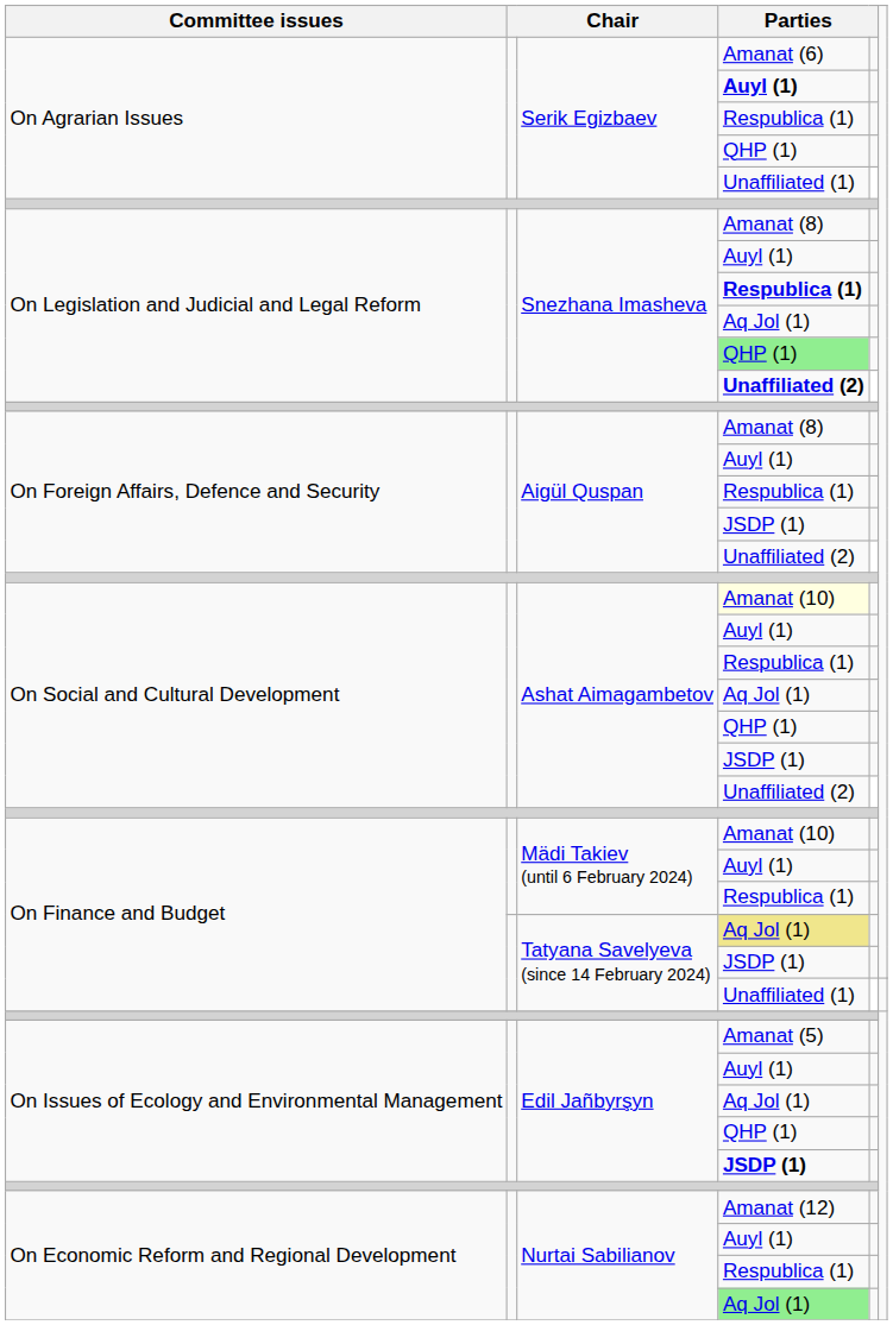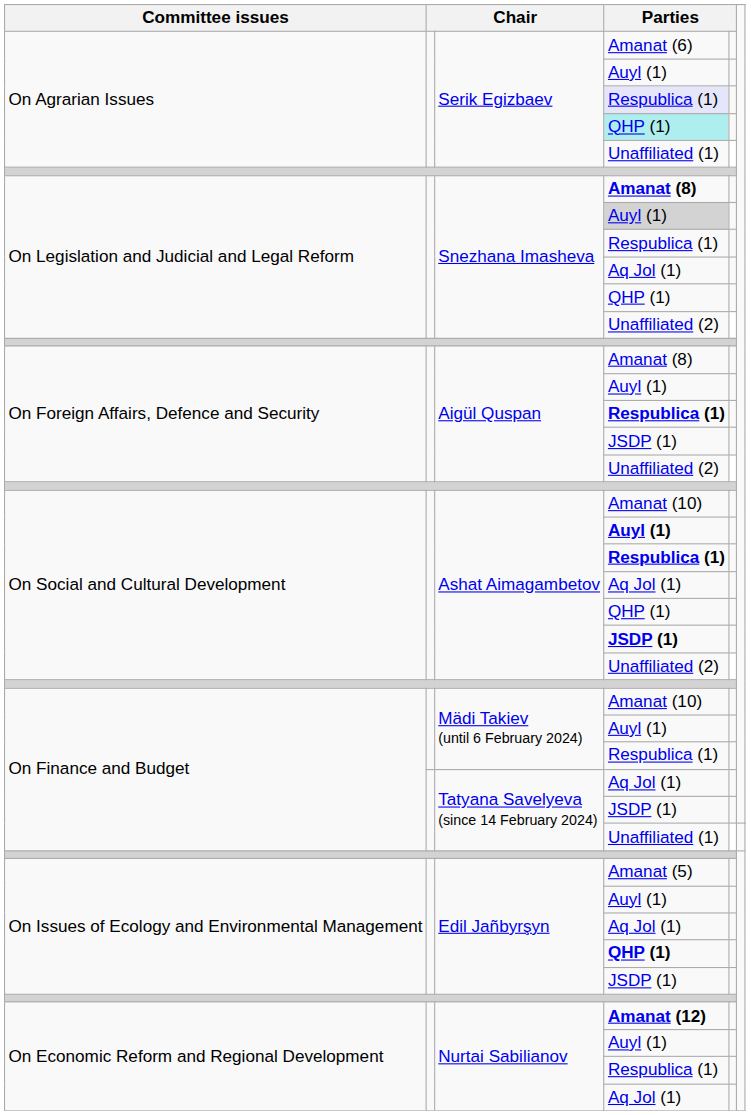 <table class="wikitable">
 <tr>
 <th>Committee issues</th>
 <th colspan="2">Chair</th>
 <th colspan="2">Parties</th>
 </tr>
 <tr>
 <td rowspan="5">On Agrarian Issues</td>
 <td rowspan="5" style="background-color:"></td>
 <td rowspan="5"><a href='#'>Serik Egizbaev</a></td>
 <td><a href='#'>Amanat</a> (6)</td>
 <td style="background-color:"></td>
 </tr>
 <tr>
-<td><strong><a href='#'>Auyl</a> (1)</strong></td>
+<td><a href='#'>Auyl</a> (1)</td>
 <td style="background-color:"></td>
 </tr>
 <tr>
-<td><a href='#'>Respublica</a> (1)</td>
+<td style="background: lavender;"><a href='#'>Respublica</a> (1)</td>
 <td style="background-color:"></td>
 </tr>
 <tr>
-<td><a href='#'>QHP</a> (1)</td>
+<td style="background: paleturquoise;"><a href='#'>QHP</a> (1)</td>
 <td style="background-color:"></td>
 </tr>
 <tr>
 <td><a href='#'>Unaffiliated</a> (1)</td>
 <td data-darkreader-inline-bgcolor="" style="background-color:white"></td>
 </tr>
 <tr>
 <td colspan="5;" data-darkreader-inline-bgcolor="" bgcolor="lightgrey"></td>
 </tr>
 <tr>
 <td rowspan="6">On Legislation and Judicial and Legal Reform</td>
 <td rowspan="6" style="background-color:"></td>
 <td rowspan="6"><a href='#'>Snezhana Imasheva</a></td>
-<td><a href='#'>Amanat</a> (8)</td>
+<td><strong><a href='#'>Amanat</a> (8)</strong></td>
 <td style="background-color:"></td>
 </tr>
 <tr>
-<td><a href='#'>Auyl</a> (1)</td>
+<td style="background: lightgrey;"><a href='#'>Auyl</a> (1)</td>
 <td style="background-color:"></td>
 </tr>
 <tr>
-<td><strong><a href='#'>Respublica</a> (1)</strong></td>
+<td><a href='#'>Respublica</a> (1)</td>
 <td style="background-color:"></td>
 </tr>
 <tr>
 <td><a href='#'>Aq Jol</a> (1)</td>
 <td style="background-color:"></td>
 </tr>
 <tr>
-<td style="background: lightgreen;"><a href='#'>QHP</a> (1)</td>
+<td><a href='#'>QHP</a> (1)</td>
 <td style="background-color:"></td>
 </tr>
 <tr>
-<td><strong><a href='#'>Unaffiliated</a> (2)</strong></td>
+<td><a href='#'>Unaffiliated</a> (2)</td>
 <td data-darkreader-inline-bgcolor="" style="background-color:white"></td>
 </tr>
 <tr>
 <td colspan="5;" data-darkreader-inline-bgcolor="" bgcolor="lightgrey"></td>
 </tr>
 <tr>
 <td rowspan="5">On Foreign Affairs, Defence and Security</td>
 <td rowspan="5" style="background-color:"></td>
 <td rowspan="5"><a href='#'>Aigül Quspan</a></td>
 <td><a href='#'>Amanat</a> (8)</td>
 <td style="background-color:"></td>
 </tr>
 <tr>
 <td><a href='#'>Auyl</a> (1)</td>
 <td style="background-color:"></td>
 </tr>
 <tr>
-<td><a href='#'>Respublica</a> (1)</td>
+<td><strong><a href='#'>Respublica</a> (1)</strong></td>
 <td style="background-color:"></td>
 </tr>
 <tr>
 <td><a href='#'>JSDP</a> (1)</td>
 <td style="background-color:"></td>
 </tr>
 <tr>
 <td><a href='#'>Unaffiliated</a> (2)</td>
 <td data-darkreader-inline-bgcolor="" style="background-color:white"></td>
 </tr>
 <tr>
 <td colspan="5;" data-darkreader-inline-bgcolor="" bgcolor="lightgrey"></td>
 </tr>
 <tr>
 <td rowspan="7">On Social and Cultural Development</td>
 <td rowspan="7" style="background-color:"></td>
 <td rowspan="7"><a href='#'>Ashat Aimagambetov</a></td>
-<td style="background: lightyellow;"><a href='#'>Amanat</a> (10)</td>
+<td><a href='#'>Amanat</a> (10)</td>
 <td style="background-color:"></td>
 </tr>
 <tr>
-<td><a href='#'>Auyl</a> (1)</td>
+<td><strong><a href='#'>Auyl</a> (1)</strong></td>
 <td style="background-color:"></td>
 </tr>
 <tr>
-<td><a href='#'>Respublica</a> (1)</td>
+<td><strong><a href='#'>Respublica</a> (1)</strong></td>
 <td style="background-color:"></td>
 </tr>
 <tr>
 <td><a href='#'>Aq Jol</a> (1)</td>
 <td style="background-color:"></td>
 </tr>
 <tr>
 <td><a href='#'>QHP</a> (1)</td>
 <td style="background-color:"></td>
 </tr>
 <tr>
-<td><a href='#'>JSDP</a> (1)</td>
+<td><strong><a href='#'>JSDP</a> (1)</strong></td>
 <td style="background-color:"></td>
 </tr>
 <tr>
 <td><a href='#'>Unaffiliated</a> (2)</td>
 <td data-darkreader-inline-bgcolor="" style="background-color:white"></td>
 </tr>
 <tr>
 <td colspan="5;" data-darkreader-inline-bgcolor="" bgcolor="lightgrey"></td>
 </tr>
 <tr>
 <td rowspan="7">On Finance and Budget</td>
 <td rowspan="3" style="background-color:"></td>
 <td rowspan="3"><a href='#'>Mädi Takiev</a><br><small>(until 6 February 2024)</small></td>
 <td><a href='#'>Amanat</a> (10)</td>
 <td style="background-color:"></td>
 </tr>
 <tr>
 <td><a href='#'>Auyl</a> (1)</td>
 <td style="background-color:"></td>
 </tr>
 <tr>
 <td><a href='#'>Respublica</a> (1)</td>
 <td style="background-color:"></td>
 </tr>
 <tr>
 <td rowspan=4 style="background-color:"></td>
 <td rowspan="4"><a href='#'>Tatyana Savelyeva</a><br><small>(since 14 February 2024)</small></td>
-<td style="background: khaki;"><a href='#'>Aq Jol</a> (1)</td>
+<td><a href='#'>Aq Jol</a> (1)</td>
 <td style="background-color:"></td>
 </tr>
 <tr>
 <td><a href='#'>JSDP</a> (1)</td>
 <td style="background-color:"></td>
 </tr>
 <tr>
 <td rowspan="2"><a href='#'>Unaffiliated</a> (1)</td>
 <td rowspan="2" data-darkreader-inline-bgcolor="" style="background-color:white"></td>
 </tr>
 <tr>
 <td></td>
 </tr>
 <tr>
 <td colspan="5;" data-darkreader-inline-bgcolor="" bgcolor="lightgrey"></td>
 </tr>
 <tr>
 <td rowspan="5">On Issues of Ecology and Environmental Management</td>
 <td rowspan="5" style="background-color:"></td>
 <td rowspan="5"><a href='#'>Edil Jañbyrşyn</a></td>
 <td><a href='#'>Amanat</a> (5)</td>
 <td style="background-color:"></td>
 </tr>
 <tr>
 <td><a href='#'>Auyl</a> (1)</td>
 <td style="background-color:"></td>
 </tr>
 <tr>
 <td><a href='#'>Aq Jol</a> (1)</td>
 <td style="background-color:"></td>
 </tr>
 <tr>
-<td><a href='#'>QHP</a> (1)</td>
+<td><strong><a href='#'>QHP</a> (1)</strong></td>
 <td style="background-color:"></td>
 </tr>
 <tr>
-<td><strong><a href='#'>JSDP</a> (1)</strong></td>
+<td><a href='#'>JSDP</a> (1)</td>
 <td style="background-color:"></td>
 </tr>
 <tr>
 <td colspan="5;" data-darkreader-inline-bgcolor="" bgcolor="lightgrey"></td>
 </tr>
 <tr>
 <td rowspan="4">On Economic Reform and Regional Development</td>
 <td rowspan="4" style="background-color:"></td>
 <td rowspan="4"><a href='#'>Nurtai Sabilianov</a></td>
-<td><a href='#'>Amanat</a> (12)</td>
+<td><strong><a href='#'>Amanat</a> (12)</strong></td>
 <td style="background-color:"></td>
 </tr>
 <tr>
 <td><a href='#'>Auyl</a> (1)</td>
 <td style="background-color:"></td>
 </tr>
 <tr>
 <td><a href='#'>Respublica</a> (1)</td>
 <td style="background-color:"></td>
 </tr>
 <tr>
-<td style="background: lightgreen;"><a href='#'>Aq Jol</a> (1)</td>
+<td><a href='#'>Aq Jol</a> (1)</td>
 <td style="background-color:"></td>
 </tr>
 </table>
